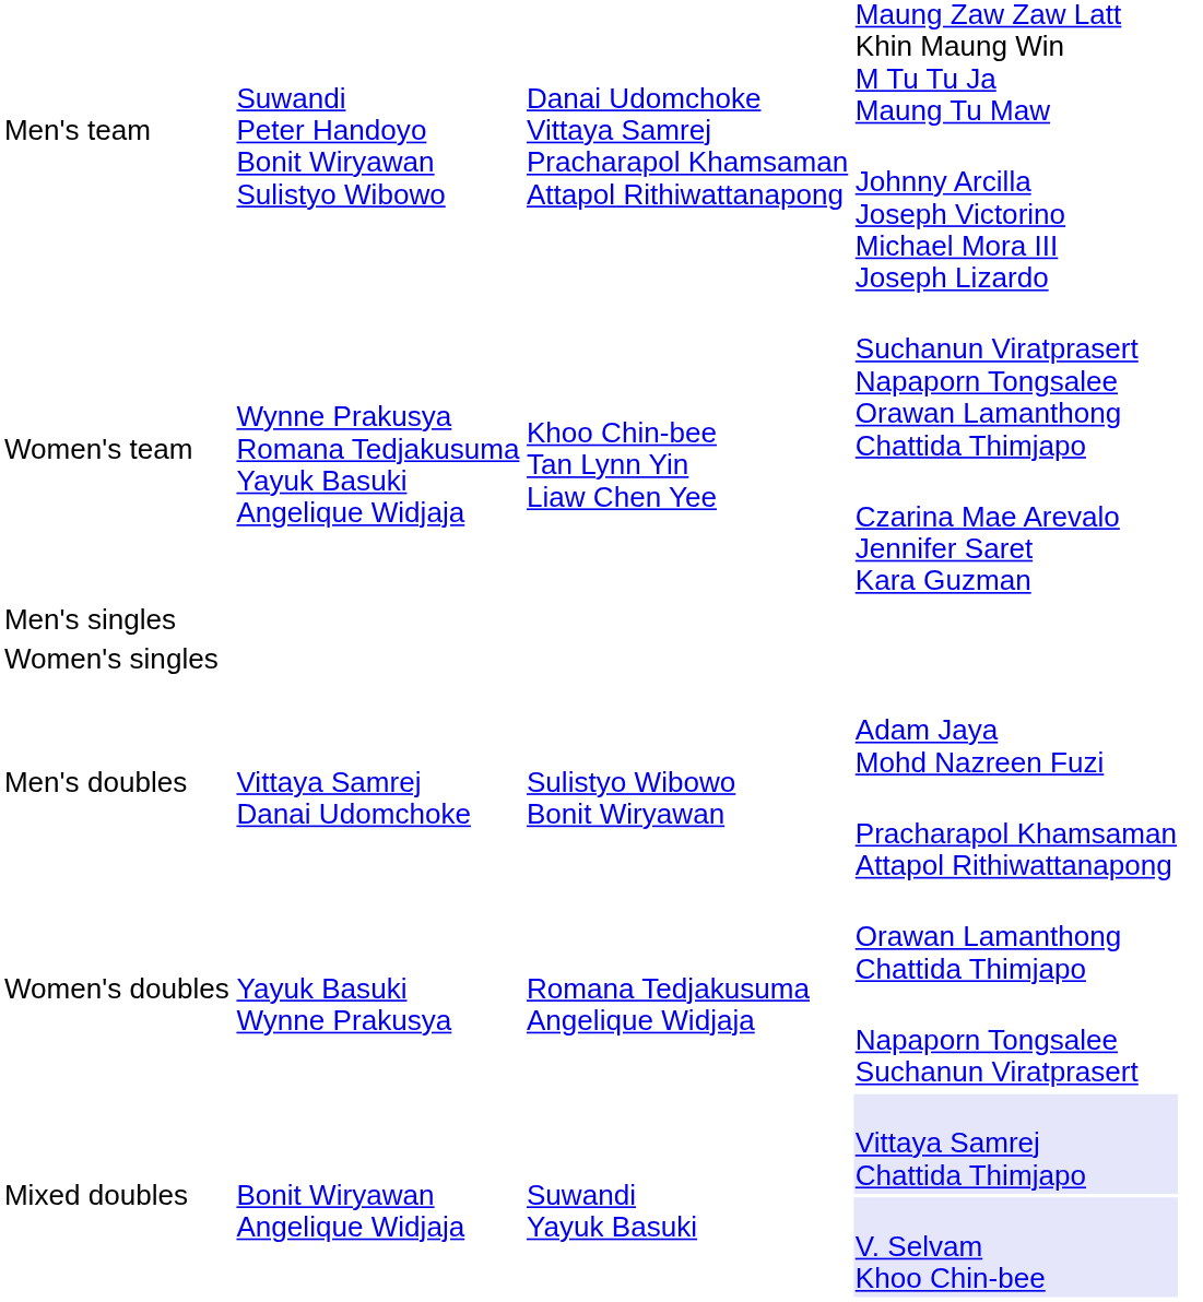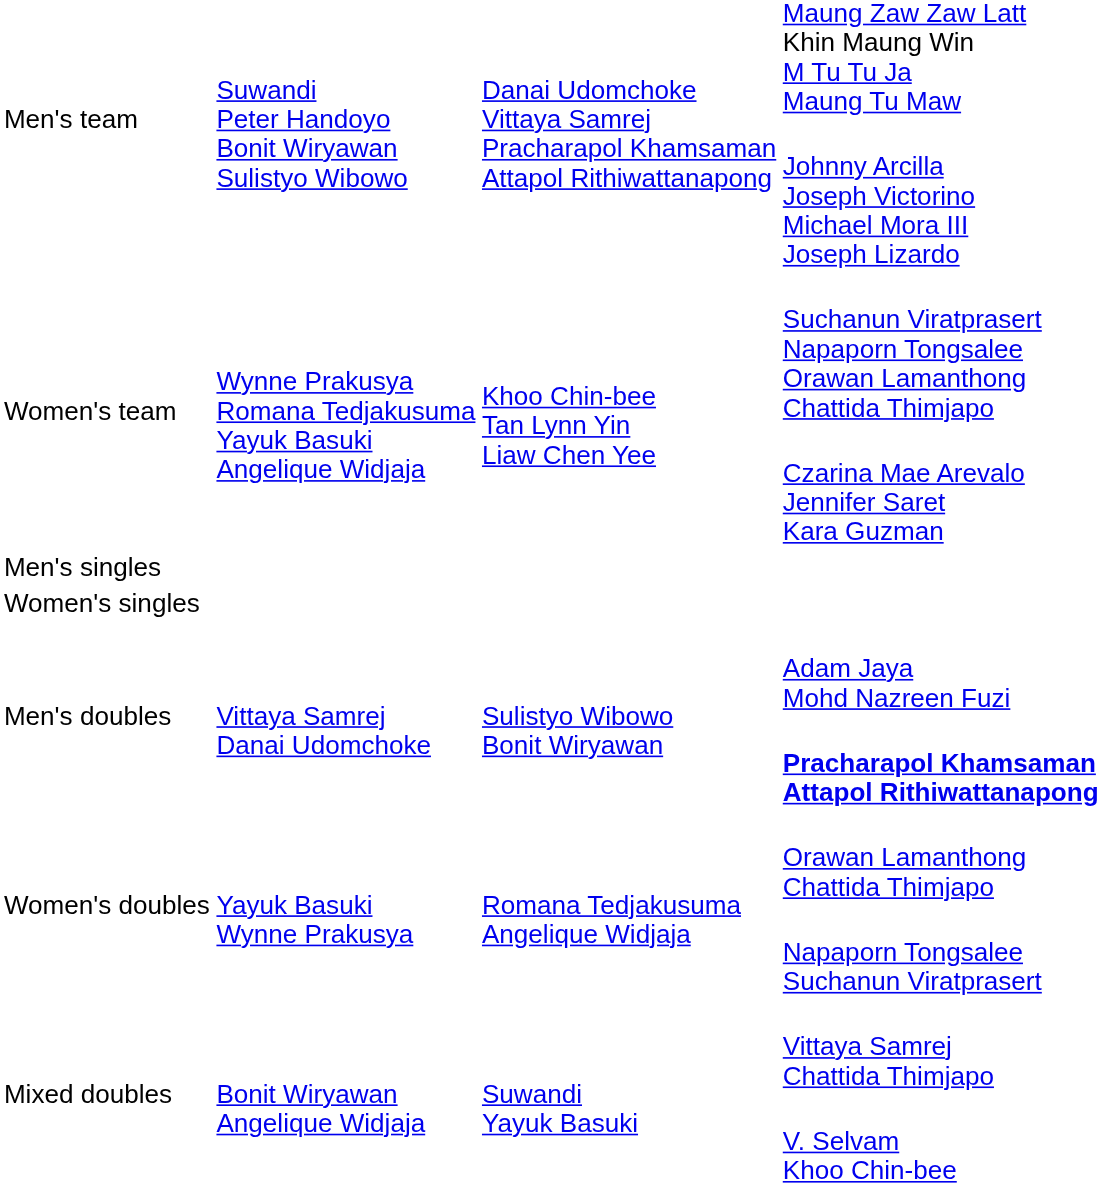 <table>
 <tr>
 <td rowspan="2">Men's team</td>
 <td rowspan="2"> <br><a href='#'>Suwandi</a> <br><a href='#'>Peter Handoyo</a> <br><a href='#'>Bonit Wiryawan</a> <br><a href='#'>Sulistyo Wibowo</a></td>
 <td rowspan="2"> <br><a href='#'>Danai Udomchoke</a> <br><a href='#'>Vittaya Samrej</a> <br><a href='#'>Pracharapol Khamsaman</a> <br><a href='#'>Attapol Rithiwattanapong</a></td>
 <td> <br><a href='#'>Maung Zaw Zaw Latt</a> <br>Khin Maung Win <br><a href='#'>M Tu Tu Ja</a> <br><a href='#'>Maung Tu Maw</a></td>
 </tr>
 <tr>
 <td> <br><a href='#'>Johnny Arcilla</a> <br><a href='#'>Joseph Victorino</a> <br><a href='#'>Michael Mora III</a> <br><a href='#'>Joseph Lizardo</a></td>
 </tr>
 <tr>
 <td rowspan="2">Women's team</td>
 <td rowspan="2"> <br><a href='#'>Wynne Prakusya</a> <br><a href='#'>Romana Tedjakusuma</a> <br><a href='#'>Yayuk Basuki</a> <br><a href='#'>Angelique Widjaja</a></td>
 <td rowspan="2"> <br><a href='#'>Khoo Chin-bee</a> <br><a href='#'>Tan Lynn Yin</a> <br><a href='#'>Liaw Chen Yee</a><br></td>
 <td> <br><a href='#'>Suchanun Viratprasert</a> <br><a href='#'>Napaporn Tongsalee</a> <br><a href='#'>Orawan Lamanthong</a> <br><a href='#'>Chattida Thimjapo</a></td>
 </tr>
 <tr>
 <td> <br><a href='#'>Czarina Mae Arevalo</a> <br><a href='#'>Jennifer Saret</a> <br><a href='#'>Kara Guzman</a></td>
 </tr>
 <tr>
 <td rowspan="2">Men's singles</td>
 <td rowspan="2"></td>
 <td rowspan="2"></td>
 <td></td>
 </tr>
 <tr>
 <td></td>
 </tr>
 <tr>
 <td rowspan="2">Women's singles</td>
 <td rowspan="2"></td>
 <td rowspan="2"></td>
 <td></td>
 </tr>
 <tr>
 <td></td>
 </tr>
 <tr>
 <td rowspan="2">Men's doubles</td>
 <td rowspan="2"> <br> <a href='#'>Vittaya Samrej</a> <br> <a href='#'>Danai Udomchoke</a></td>
 <td rowspan="2"> <br> <a href='#'>Sulistyo Wibowo</a> <br> <a href='#'>Bonit Wiryawan</a></td>
 <td> <br> <a href='#'>Adam Jaya</a> <br> <a href='#'>Mohd Nazreen Fuzi</a></td>
 </tr>
 <tr>
-<td> <br> <a href='#'>Pracharapol Khamsaman</a> <br> <a href='#'>Attapol Rithiwattanapong</a></td>
+<td><strong> <br> <a href='#'>Pracharapol Khamsaman</a> <br> <a href='#'>Attapol Rithiwattanapong</a></strong></td>
 </tr>
 <tr>
 <td rowspan="2">Women's doubles</td>
 <td rowspan="2"> <br> <a href='#'>Yayuk Basuki</a> <br> <a href='#'>Wynne Prakusya</a></td>
 <td rowspan="2"> <br> <a href='#'>Romana Tedjakusuma</a> <br> <a href='#'>Angelique Widjaja</a></td>
 <td> <br> <a href='#'>Orawan Lamanthong</a> <br> <a href='#'>Chattida Thimjapo</a></td>
 </tr>
 <tr>
 <td> <br> <a href='#'>Napaporn Tongsalee</a> <br> <a href='#'>Suchanun Viratprasert</a></td>
 </tr>
 <tr>
 <td rowspan="2">Mixed doubles</td>
 <td rowspan="2"> <br> <a href='#'>Bonit Wiryawan</a> <br> <a href='#'>Angelique Widjaja</a></td>
 <td rowspan="2"> <br> <a href='#'>Suwandi</a> <br> <a href='#'>Yayuk Basuki</a></td>
-<td style="background: lavender;"> <br> <a href='#'>Vittaya Samrej</a> <br> <a href='#'>Chattida Thimjapo</a></td>
+<td> <br> <a href='#'>Vittaya Samrej</a> <br> <a href='#'>Chattida Thimjapo</a></td>
 </tr>
 <tr>
-<td style="background: lavender;"> <br> <a href='#'>V. Selvam</a> <br> <a href='#'>Khoo Chin-bee</a></td>
+<td> <br> <a href='#'>V. Selvam</a> <br> <a href='#'>Khoo Chin-bee</a></td>
 </tr>
 </table>
